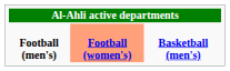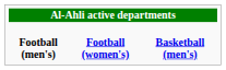 <table class="infobox" style="width: 20em; font-size: 95%em;">
 <tr style="color:white; background:green; text-align:center;">
 <th colspan="3" style="text-align: center">Al-Ahli active departments</th>
 </tr>
 <tr style="text-align: center">
 <td><br><strong>Football<br>(men's)</strong></td>
-<td style="background: lightsalmon;"><br><strong><a href='#'>Football<br>(women's)</a></strong></td>
+<td><br><strong><a href='#'>Football<br>(women's)</a></strong></td>
 <td><br><strong><a href='#'>Basketball<br>(men's)</a></strong></td>
 </tr>
 </table>
